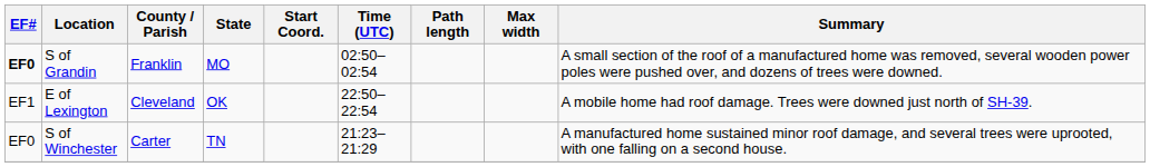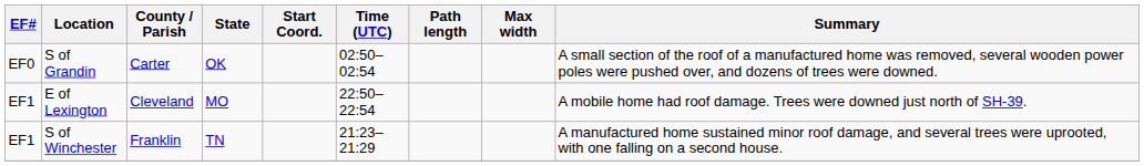 <table class="wikitable sortable" style="width:100%;">
 <tr>
 <th scope="col"  style="width:3%; text-align:center;"><a href='#'>EF#</a></th>
 <th scope="col"  style="width:7%; text-align:center;" class="unsortable">Location</th>
 <th scope="col"  style="width:6%; text-align:center;" class="unsortable">County / Parish</th>
 <th scope="col"  style="width:5%; text-align:center;">State</th>
 <th scope="col"  style="width:6%; text-align:center;">Start Coord.</th>
 <th scope="col"  style="width:6%; text-align:center;">Time (<a href='#'>UTC</a>)</th>
 <th scope="col"  style="width:6%; text-align:center;">Path length</th>
 <th scope="col"  style="width:6%; text-align:center;">Max width</th>
 <th scope="col" class="unsortable" style="width:48%; text-align:center;">Summary</th>
 </tr>
 <tr>
-<td><strong>EF0</strong></td>
+<td>EF0</td>
 <td>S of <a href='#'>Grandin</a></td>
-<td><a href='#'>Franklin</a></td>
-<td><a href='#'>MO</a></td>
+<td><a href='#'>Carter</a></td>
+<td><a href='#'>OK</a></td>
 <td></td>
 <td>02:50–02:54</td>
 <td></td>
 <td></td>
 <td>A small section of the roof of a manufactured home was removed, several wooden power poles were pushed over, and dozens of trees were downed.</td>
 </tr>
 <tr>
 <td>EF1</td>
 <td>E of <a href='#'>Lexington</a></td>
 <td><a href='#'>Cleveland</a></td>
-<td><a href='#'>OK</a></td>
+<td><a href='#'>MO</a></td>
 <td></td>
 <td>22:50–22:54</td>
 <td></td>
 <td></td>
 <td>A mobile home had roof damage. Trees were downed just north of <a href='#'>SH-39</a>.</td>
 </tr>
 <tr>
-<td>EF0</td>
+<td>EF1</td>
 <td>S of <a href='#'>Winchester</a></td>
-<td><a href='#'>Carter</a></td>
+<td><a href='#'>Franklin</a></td>
 <td><a href='#'>TN</a></td>
 <td></td>
 <td>21:23–21:29</td>
 <td></td>
 <td></td>
 <td>A manufactured home sustained minor roof damage, and several trees were uprooted, with one falling on a second house.</td>
 </tr>
 <tr>
 </tr>
 </table>
